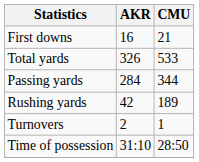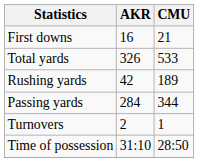 <table class="wikitable">
 <tr>
 <th>Statistics</th>
 <th>AKR</th>
 <th>CMU</th>
 </tr>
 <tr>
 <td>First downs</td>
 <td>16</td>
 <td>21</td>
 </tr>
 <tr>
 <td>Total yards</td>
 <td>326</td>
 <td>533</td>
 </tr>
 <tr>
+<td>Rushing yards</td>
+<td>42</td>
+<td>189</td>
+</tr>
+<tr>
 <td>Passing yards</td>
 <td>284</td>
 <td>344</td>
-</tr>
-<tr>
-<td>Rushing yards</td>
-<td>42</td>
-<td>189</td>
 </tr>
 <tr>
 <td>Turnovers</td>
 <td>2</td>
 <td>1</td>
 </tr>
 <tr>
 <td>Time of possession</td>
 <td>31:10</td>
 <td>28:50</td>
 </tr>
 <tr>
 </tr>
 </table>
